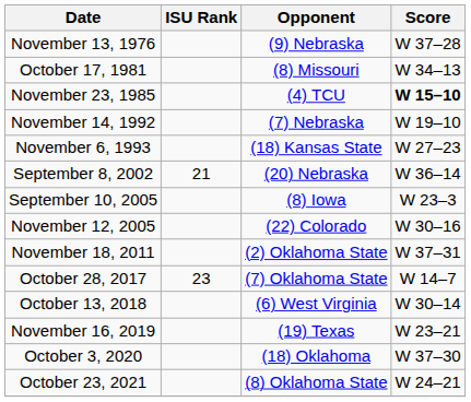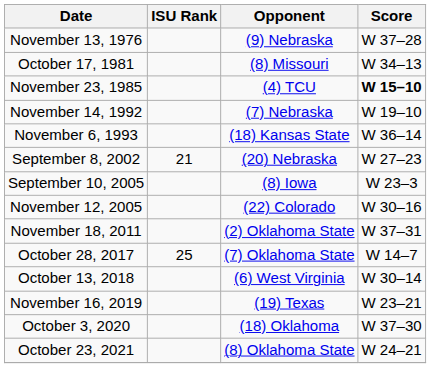 <table class="wikitable" style="text-align: center">
 <tr align=center>
 <th>Date</th>
 <th>ISU Rank</th>
 <th>Opponent</th>
 <th>Score</th>
 </tr>
 <tr>
 <td>November 13, 1976</td>
 <td></td>
 <td><a href='#'>(9) Nebraska</a></td>
 <td>W 37–28</td>
 </tr>
 <tr>
 <td>October 17, 1981</td>
 <td></td>
 <td><a href='#'>(8) Missouri</a></td>
 <td>W 34–13</td>
 </tr>
 <tr>
 <td>November 23, 1985</td>
 <td></td>
 <td><a href='#'>(4) TCU</a></td>
 <td><strong>W 15–10</strong></td>
 </tr>
 <tr>
 <td>November 14, 1992</td>
 <td></td>
 <td><a href='#'>(7) Nebraska</a></td>
 <td>W 19–10</td>
 </tr>
 <tr>
 <td>November 6, 1993</td>
 <td></td>
 <td><a href='#'>(18) Kansas State</a></td>
-<td>W 27–23</td>
+<td>W 36–14</td>
 </tr>
 <tr>
 <td>September 8, 2002</td>
 <td>21</td>
 <td><a href='#'>(20) Nebraska</a></td>
-<td>W 36–14</td>
+<td>W 27–23</td>
 </tr>
 <tr>
 <td>September 10, 2005</td>
 <td></td>
 <td><a href='#'>(8) Iowa</a></td>
 <td>W 23–3</td>
 </tr>
 <tr>
 <td>November 12, 2005</td>
 <td></td>
 <td><a href='#'>(22) Colorado</a></td>
 <td>W 30–16</td>
 </tr>
 <tr>
 <td>November 18, 2011</td>
 <td></td>
 <td><a href='#'>(2) Oklahoma State</a></td>
 <td>W 37–31</td>
 </tr>
 <tr>
 <td>October 28, 2017</td>
-<td>23</td>
+<td>25</td>
 <td><a href='#'>(7) Oklahoma State</a></td>
 <td>W 14–7</td>
 </tr>
 <tr>
 <td>October 13, 2018</td>
 <td></td>
 <td><a href='#'>(6) West Virginia</a></td>
 <td>W 30–14</td>
 </tr>
 <tr>
 <td>November 16, 2019</td>
 <td></td>
 <td><a href='#'>(19) Texas</a></td>
 <td>W 23–21</td>
 </tr>
 <tr>
 <td>October 3, 2020</td>
 <td></td>
 <td><a href='#'>(18) Oklahoma</a></td>
 <td>W 37–30</td>
 </tr>
 <tr>
 <td>October 23, 2021</td>
 <td></td>
 <td><a href='#'>(8) Oklahoma State</a></td>
 <td>W 24–21</td>
 </tr>
 <tr>
 </tr>
 </table>
